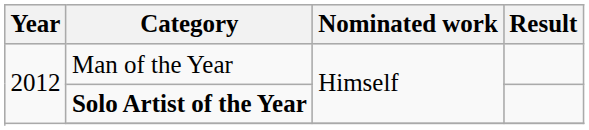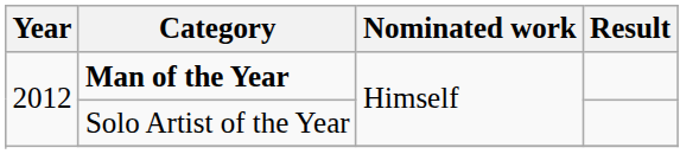 <table class="wikitable">
 <tr>
 <th>Year</th>
 <th>Category</th>
 <th>Nominated work</th>
 <th>Result</th>
 </tr>
 <tr>
 <td rowspan="4">2012</td>
-<td>Man of the Year</td>
+<td><strong>Man of the Year</strong></td>
 <td rowspan="2">Himself</td>
 <td></td>
 </tr>
 <tr>
-<td><strong>Solo Artist of the Year</strong></td>
+<td>Solo Artist of the Year</td>
 <td></td>
 </tr>
 <tr>
 </tr>
 </table>
